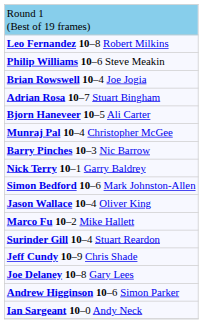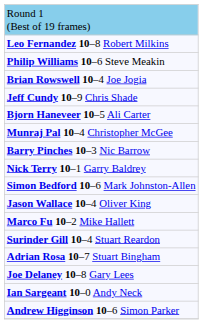 <table cellpadding="3" cellspacing="0" border="1" style="background:#f7f8ff; font-size:95%; border:#ccc solid 1px; border-collapse:collapse;">
 <tr>
 <td style="background:skyblue">Round 1<br>(Best of 19 frames)</td>
 </tr>
 <tr>
 <td><strong> <a href='#'>Leo Fernandez</a> 10</strong>–8  <a href='#'>Robert Milkins</a></td>
 </tr>
 <tr>
 <td><strong> <a href='#'>Philip Williams</a> 10</strong>–6  Steve Meakin</td>
 </tr>
 <tr>
 <td><strong> <a href='#'>Brian Rowswell</a> 10</strong>–4  <a href='#'>Joe Jogia</a></td>
 </tr>
 <tr>
-<td><strong> <a href='#'>Adrian Rosa</a> 10</strong>–7  <a href='#'>Stuart Bingham</a></td>
+<td><strong> <a href='#'>Jeff Cundy</a> 10</strong>–9  <a href='#'>Chris Shade</a></td>
 </tr>
 <tr>
 <td><strong> <a href='#'>Bjorn Haneveer</a> 10</strong>–5  <a href='#'>Ali Carter</a></td>
 </tr>
 <tr>
 <td><strong> <a href='#'>Munraj Pal</a> 10</strong>–4  <a href='#'>Christopher McGee</a></td>
 </tr>
 <tr>
 <td><strong> <a href='#'>Barry Pinches</a> 10</strong>–3  <a href='#'>Nic Barrow</a></td>
 </tr>
 <tr>
 <td><strong> <a href='#'>Nick Terry</a> 10</strong>–1  <a href='#'>Garry Baldrey</a></td>
 </tr>
 <tr>
 <td><strong> <a href='#'>Simon Bedford</a> 10</strong>–6  <a href='#'>Mark Johnston-Allen</a></td>
 </tr>
 <tr>
 <td><strong> <a href='#'>Jason Wallace</a> 10</strong>–4  <a href='#'>Oliver King</a></td>
 </tr>
 <tr>
 <td><strong> <a href='#'>Marco Fu</a> 10</strong>–2  <a href='#'>Mike Hallett</a></td>
 </tr>
 <tr>
 <td><strong> <a href='#'>Surinder Gill</a> 10</strong>–4  <a href='#'>Stuart Reardon</a></td>
 </tr>
 <tr>
-<td><strong> <a href='#'>Jeff Cundy</a> 10</strong>–9  <a href='#'>Chris Shade</a></td>
+<td><strong> <a href='#'>Adrian Rosa</a> 10</strong>–7  <a href='#'>Stuart Bingham</a></td>
 </tr>
 <tr>
 <td><strong> <a href='#'>Joe Delaney</a> 10</strong>–8  <a href='#'>Gary Lees</a></td>
 </tr>
 <tr>
-<td><strong> <a href='#'>Andrew Higginson</a>  10</strong>–6  <a href='#'>Simon Parker</a></td>
+<td><strong> <a href='#'>Ian Sargeant</a> 10</strong>–0  <a href='#'>Andy Neck</a></td>
 </tr>
 <tr>
-<td><strong> <a href='#'>Ian Sargeant</a> 10</strong>–0  <a href='#'>Andy Neck</a></td>
+<td><strong> <a href='#'>Andrew Higginson</a>  10</strong>–6  <a href='#'>Simon Parker</a></td>
 </tr>
 <tr>
 </tr>
 </table>
